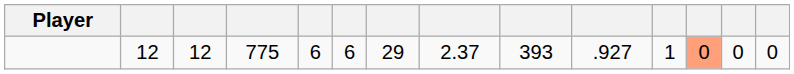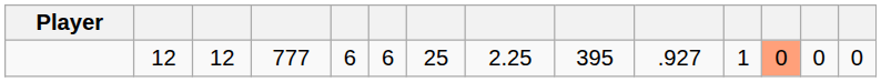 <table class="wikitable sortable" style="width:100%; text-align:center;">
 <tr>
 <th>Player</th>
 <th></th>
 <th></th>
 <th></th>
 <th></th>
 <th></th>
 <th></th>
 <th></th>
 <th></th>
 <th></th>
 <th></th>
 <th></th>
 <th></th>
 <th></th>
 </tr>
 <tr>
 <td style=white-space:nowrap></td>
 <td>12</td>
 <td>12</td>
-<td>775</td>
+<td>777</td>
 <td>6</td>
 <td>6</td>
-<td>29</td>
-<td>2.37</td>
-<td>393</td>
+<td>25</td>
+<td>2.25</td>
+<td>395</td>
 <td>.927</td>
 <td>1</td>
 <td style="background: lightsalmon;">0</td>
 <td>0</td>
 <td>0</td>
 </tr>
 </table>
